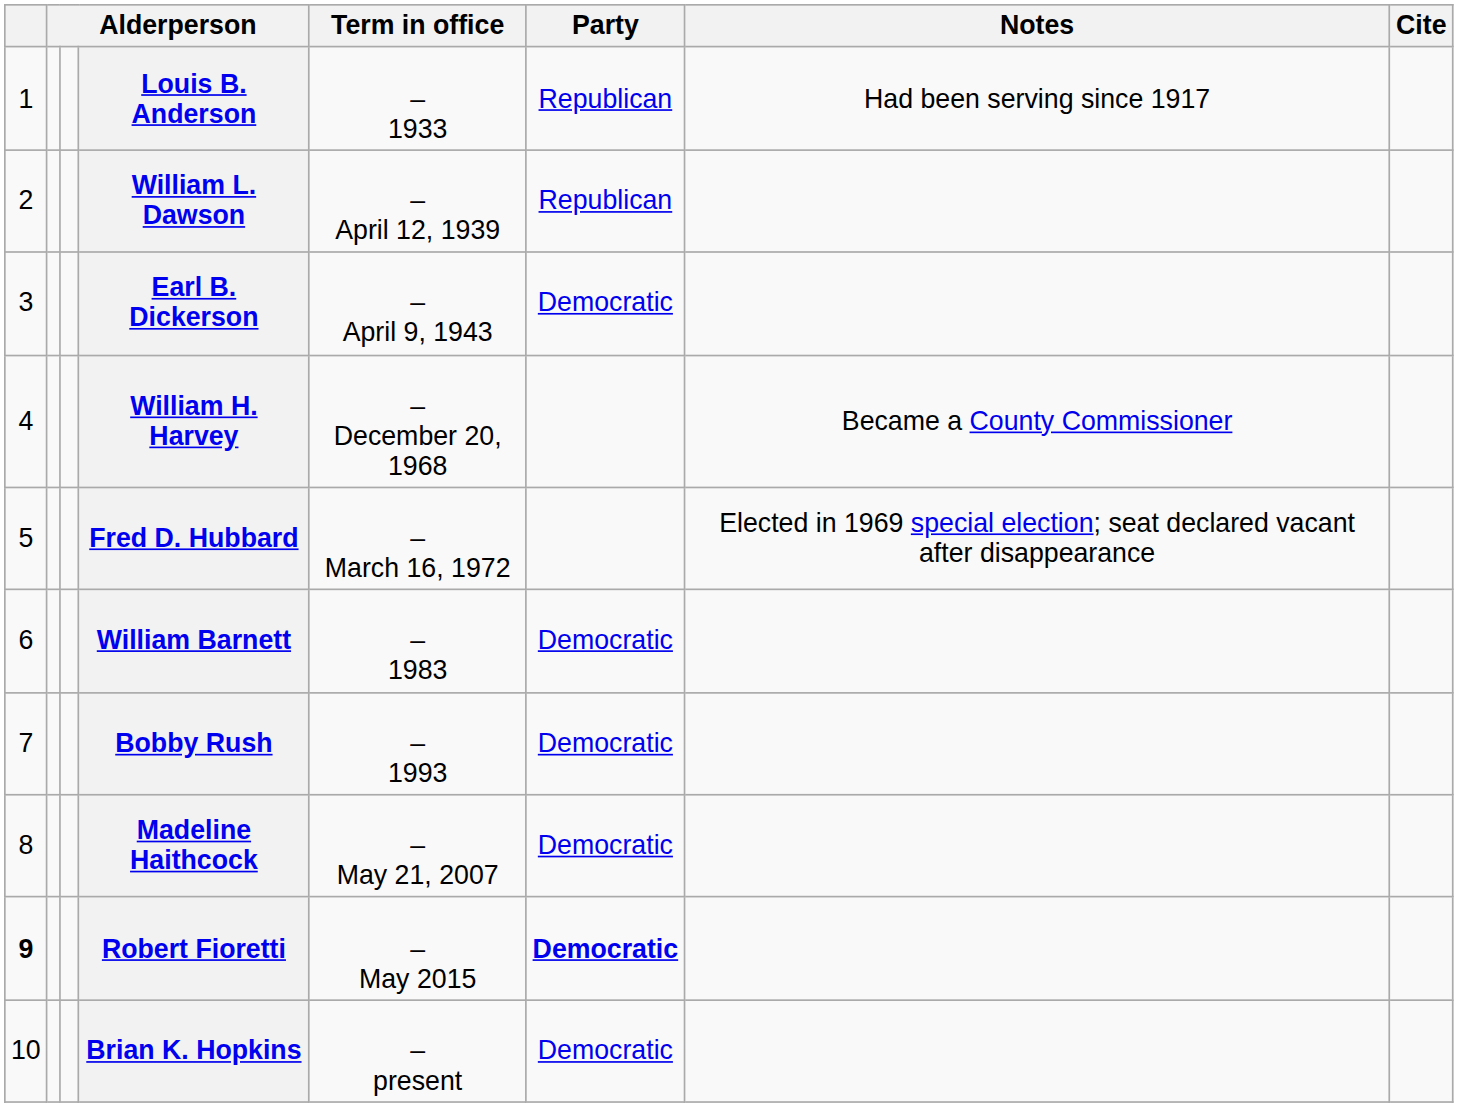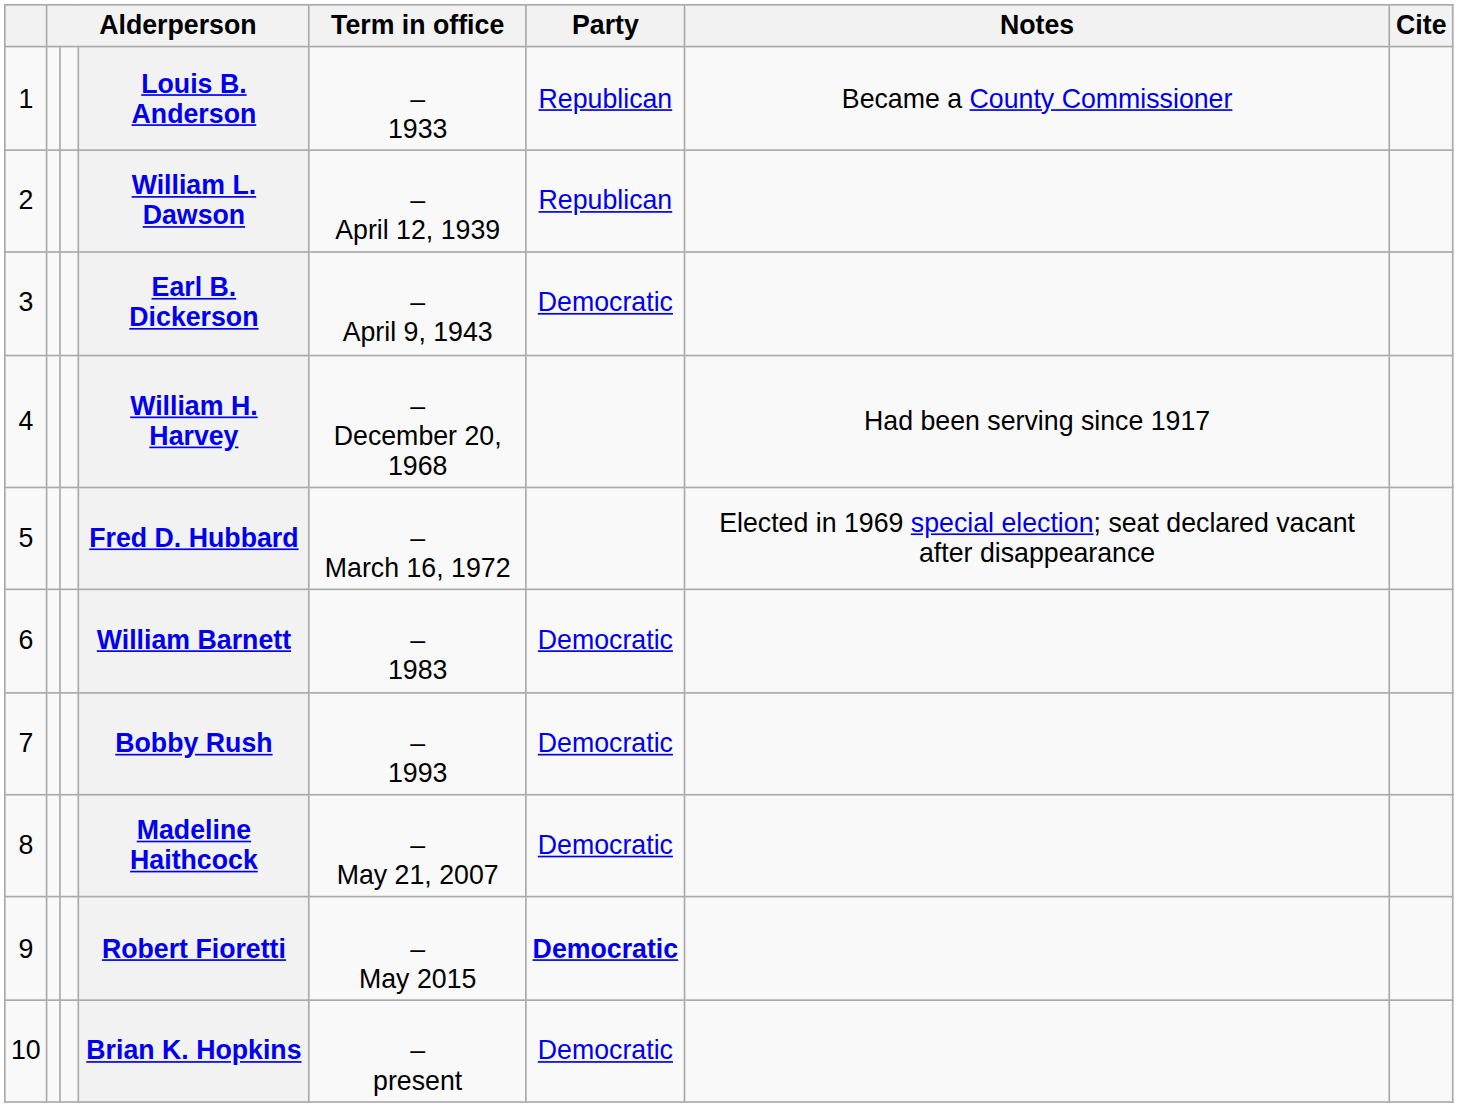 <table class="wikitable sortable" style="text-align:center;">
 <tr>
 <th scope="col"></th>
 <th scope="col" colspan="3">Alderperson</th>
 <th scope="col">Term in office</th>
 <th scope="col">Party</th>
 <th scope="col">Notes</th>
 <th scope="col">Cite</th>
 </tr>
 <tr style="height:2em;">
 <td>1</td>
 <td></td>
 <td> </td>
 <th scope="row"><a href='#'>Louis B. Anderson</a></th>
 <td><br>–<br>1933</td>
 <td><a href='#'>Republican</a></td>
-<td>Had been serving since 1917</td>
+<td>Became a <a href='#'>County Commissioner</a></td>
 <td></td>
 </tr>
 <tr style="height:2em;">
 <td>2</td>
 <td></td>
 <td> </td>
 <th scope="row"><a href='#'>William L. Dawson</a></th>
 <td><br>–<br>April 12, 1939</td>
 <td><a href='#'>Republican</a></td>
 <td></td>
 <td></td>
 </tr>
 <tr style="height:2em;">
 <td>3</td>
 <td></td>
 <td> </td>
 <th scope="row"><a href='#'>Earl B. Dickerson</a></th>
 <td><br>–<br>April 9, 1943</td>
 <td><a href='#'>Democratic</a></td>
 <td></td>
 <td></td>
 </tr>
 <tr style="height:2em;">
 <td>4</td>
 <td></td>
 <td></td>
 <th scope="row"><a href='#'>William H. Harvey</a></th>
 <td><br>–<br>December 20, 1968</td>
 <td></td>
-<td>Became a <a href='#'>County Commissioner</a></td>
+<td>Had been serving since 1917</td>
 <td></td>
 </tr>
 <tr style="height:2em;">
 <td>5</td>
 <td></td>
 <td></td>
 <th scope="row"><a href='#'>Fred D. Hubbard</a></th>
 <td><br>–<br>March 16, 1972</td>
 <td></td>
 <td>Elected in 1969 <a href='#'>special election</a>; seat declared vacant after disappearance</td>
 <td></td>
 </tr>
 <tr style="height:2em;">
 <td>6</td>
 <td></td>
 <td> </td>
 <th scope="row"><a href='#'>William Barnett</a></th>
 <td><br>–<br>1983</td>
 <td><a href='#'>Democratic</a></td>
 <td></td>
 <td></td>
 </tr>
 <tr style="height:2em;">
 <td>7</td>
 <td></td>
 <td> </td>
 <th scope="row"><a href='#'>Bobby Rush</a></th>
 <td><br>–<br>1993</td>
 <td><a href='#'>Democratic</a></td>
 <td></td>
 <td></td>
 </tr>
 <tr style="height:2em;">
 <td>8</td>
 <td></td>
 <td> </td>
 <th scope="row"><a href='#'>Madeline Haithcock</a></th>
 <td><br>–<br>May 21, 2007</td>
 <td><a href='#'>Democratic</a></td>
 <td></td>
 <td></td>
 </tr>
 <tr style="height:2em;">
-<td><strong>9</strong></td>
+<td>9</td>
 <td></td>
 <td> </td>
 <th scope="row"><a href='#'>Robert Fioretti</a></th>
 <td><br>–<br>May 2015</td>
 <td><strong><a href='#'>Democratic</a></strong></td>
 <td></td>
 </tr>
 <tr style="height:2em;">
 <td>10</td>
 <td></td>
 <td> </td>
 <th scope="row"><a href='#'>Brian K. Hopkins</a></th>
 <td><br>–<br>present</td>
 <td><a href='#'>Democratic</a></td>
 <td></td>
 <td></td>
 </tr>
 </table>
